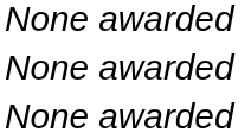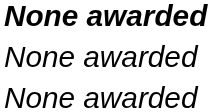 <table>
 <tr style="vertical-align:top;" style="background:#dfdfdf;">
 </tr>
 <tr style="vertical-align:center;">
 <th scope=row style="text-align:left"></th>
 <td><br></td>
 <td><br></td>
 <td><br></td>
 </tr>
 <tr style="vertical-align:top;">
 <th scope=row style="text-align:left"></th>
 <td></td>
 <td></td>
 <td></td>
 </tr>
 <tr style="vertical-align:top;">
 <th scope=row style="text-align:left"></th>
 <td></td>
 <td></td>
 <td></td>
 </tr>
 <tr style="vertical-align:top;">
 <th scope=row style="text-align:left"></th>
 <td></td>
 <td></td>
 <td></td>
 </tr>
 <tr style="vertical-align:top;">
 <th scope=row style="text-align:left"></th>
 <td></td>
 <td></td>
 <td></td>
 </tr>
 <tr style="vertical-align:top;">
 <th scope=row style="text-align:left"></th>
 <td></td>
 <td></td>
 <td></td>
 </tr>
 <tr style="vertical-align:center;">
 <th scope=row style="text-align:left"></th>
 <td><br></td>
 <td></td>
-<td><em>None awarded</em></td>
+<td><strong><em>None awarded</em></strong></td>
 </tr>
 <tr style="vertical-align:center;">
 <th scope=row style="text-align:left"></th>
 <td><br></td>
 <td></td>
 <td><em>None awarded</em></td>
 </tr>
 <tr style="vertical-align:center;">
 <th scope=row style="text-align:left"></th>
 <td><br></td>
 <td></td>
 <td><em>None awarded</em></td>
 </tr>
 </table>
